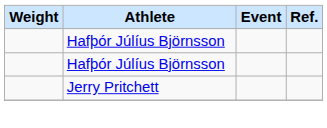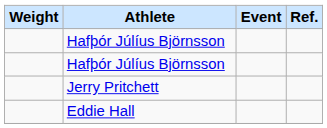 <table class="wikitable sortable" style="display: inline-table;width: 55%;">
 <tr>
 <th style="background: #cce6ff;">Weight</th>
 <th style="background: #cce6ff;">Athlete</th>
 <th style="background: #cce6ff;">Event</th>
 <th style="background: #cce6ff;">Ref.</th>
 </tr>
 <tr>
 <td></td>
 <td> <a href='#'>Hafþór Júlíus Björnsson</a></td>
 <td></td>
 <td></td>
 </tr>
 <tr>
 <td></td>
 <td> <a href='#'>Hafþór Júlíus Björnsson</a></td>
 <td></td>
 <td></td>
 </tr>
 <tr>
 <td></td>
 <td> <a href='#'>Jerry Pritchett</a></td>
 <td></td>
 <td></td>
 </tr>
 <tr>
+<td></td>
+<td> <a href='#'>Eddie Hall</a></td>
+<td></td>
+<td></td>
+</tr>
+<tr>
 </tr>
 </table>
